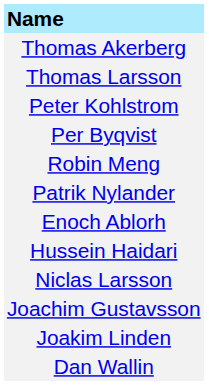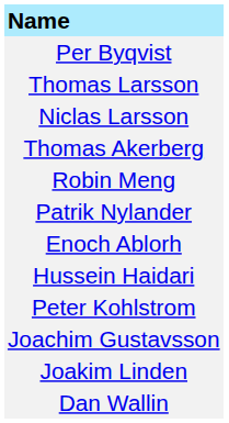 <table border=0 cellpadding=2 cellspacing=0  |- bgcolor=#F2F2F2 style="text-align:center; font-size:90%;">
 <tr bgcolor=#ADEBFD>
 <th align=left>Name</th>
 </tr>
 <tr>
-<td><a href='#'>Thomas Akerberg</a></td>
+<td><a href='#'>Per Byqvist</a></td>
 </tr>
 <tr>
 <td><a href='#'>Thomas Larsson</a></td>
 </tr>
 <tr>
-<td><a href='#'>Peter Kohlstrom</a></td>
+<td><a href='#'>Niclas Larsson</a></td>
 </tr>
 <tr>
-<td><a href='#'>Per Byqvist</a></td>
+<td><a href='#'>Thomas Akerberg</a></td>
 </tr>
 <tr>
 <td><a href='#'>Robin Meng</a></td>
 </tr>
 <tr>
 <td><a href='#'>Patrik Nylander</a></td>
 </tr>
 <tr>
 <td><a href='#'>Enoch Ablorh</a></td>
 </tr>
 <tr>
 <td><a href='#'>Hussein Haidari</a></td>
 </tr>
 <tr>
-<td><a href='#'>Niclas Larsson</a></td>
+<td><a href='#'>Peter Kohlstrom</a></td>
 </tr>
 <tr>
 <td><a href='#'>Joachim Gustavsson</a></td>
 </tr>
 <tr>
 <td><a href='#'>Joakim Linden</a></td>
 </tr>
 <tr>
 <td><a href='#'>Dan Wallin</a></td>
 </tr>
 </table>
